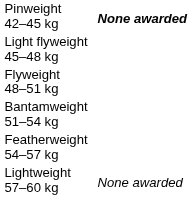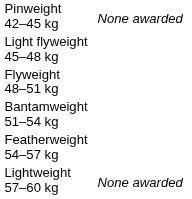 <table>
 <tr>
 <td rowspan=2>Pinweight<br>42–45 kg</td>
 <td rowspan=2></td>
 <td rowspan=2></td>
 <td></td>
 </tr>
 <tr>
-<td><strong><em>None awarded</em></strong></td>
+<td><em>None awarded</em></td>
 </tr>
 <tr>
 <td rowspan=2>Light flyweight<br>45–48 kg</td>
 <td rowspan=2></td>
 <td rowspan=2></td>
 <td></td>
 </tr>
 <tr>
 <td></td>
 </tr>
 <tr>
 <td rowspan=2>Flyweight<br>48–51 kg</td>
 <td rowspan=2></td>
 <td rowspan=2></td>
 <td></td>
 </tr>
 <tr>
 <td></td>
 </tr>
 <tr>
 <td rowspan=2>Bantamweight<br>51–54 kg</td>
 <td rowspan=2></td>
 <td rowspan=2></td>
 <td></td>
 </tr>
 <tr>
 <td></td>
 </tr>
 <tr>
 <td rowspan=2>Featherweight<br>54–57 kg</td>
 <td rowspan=2></td>
 <td rowspan=2></td>
 <td></td>
 </tr>
 <tr>
 <td></td>
 </tr>
 <tr>
 <td rowspan=2>Lightweight<br>57–60 kg</td>
 <td rowspan=2></td>
 <td rowspan=2></td>
 <td></td>
 </tr>
 <tr>
 <td><em>None awarded</em></td>
 </tr>
 </table>
